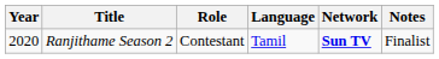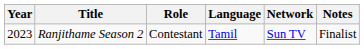 <table class="wikitable sortable">
 <tr>
 <th>Year</th>
 <th>Title</th>
 <th>Role</th>
 <th>Language</th>
 <th>Network</th>
 <th class="unsortable">Notes</th>
 </tr>
 <tr>
-<td>2020</td>
+<td>2023</td>
 <td><em>Ranjithame Season 2</em></td>
 <td rowspan="2">Contestant</td>
 <td rowspan="2"><a href='#'>Tamil</a></td>
-<td><strong><a href='#'>Sun TV</a></strong></td>
+<td><a href='#'>Sun TV</a></td>
 <td>Finalist</td>
 </tr>
 </table>
